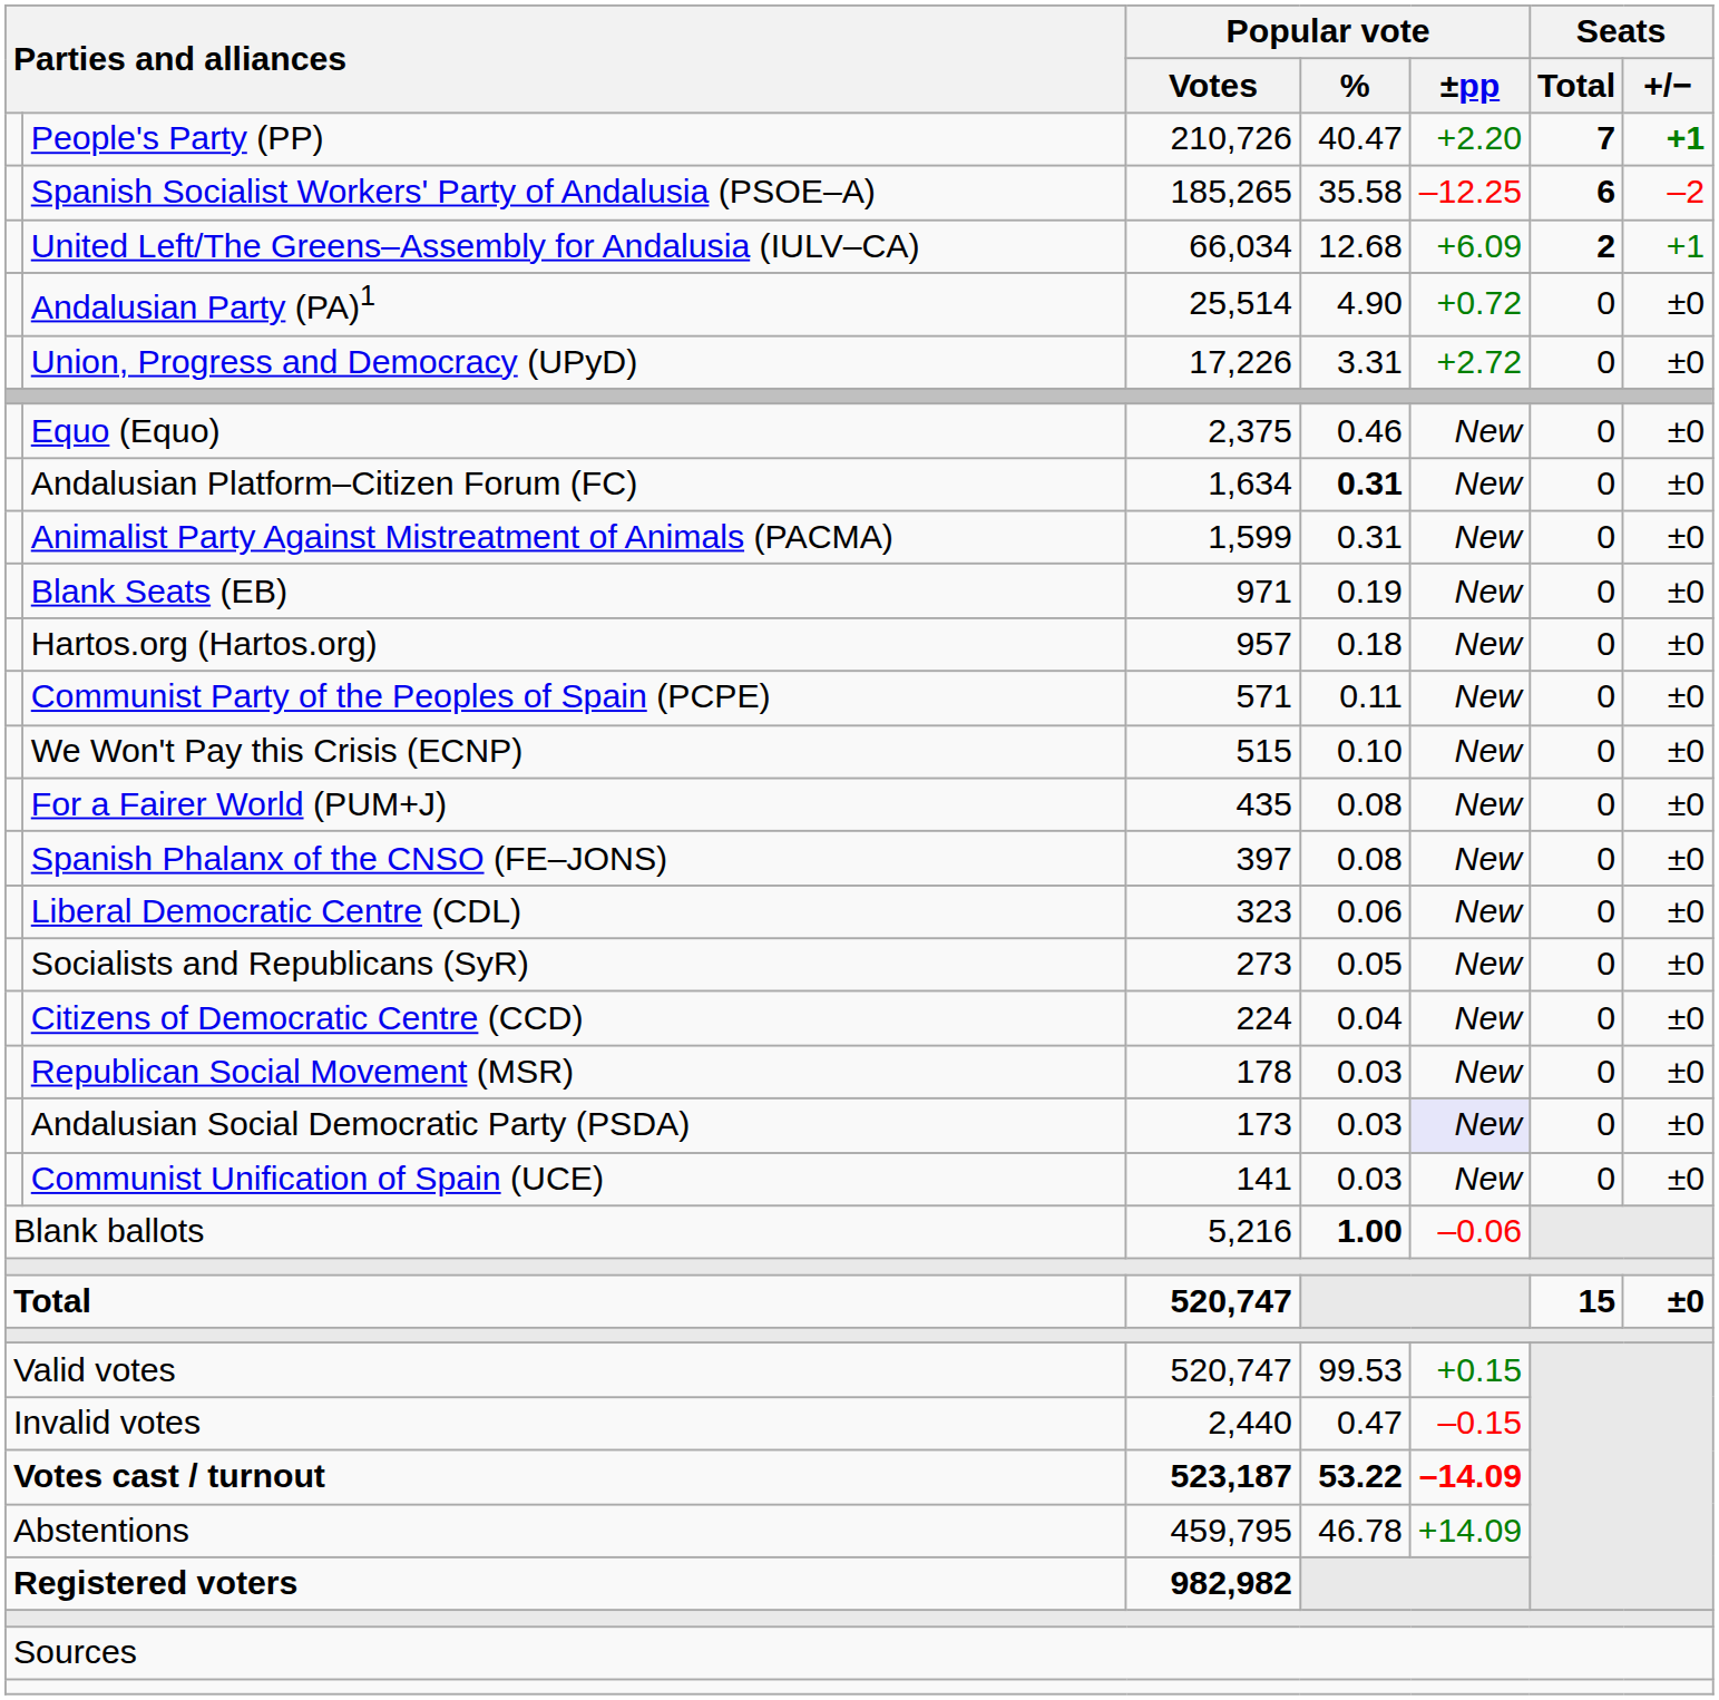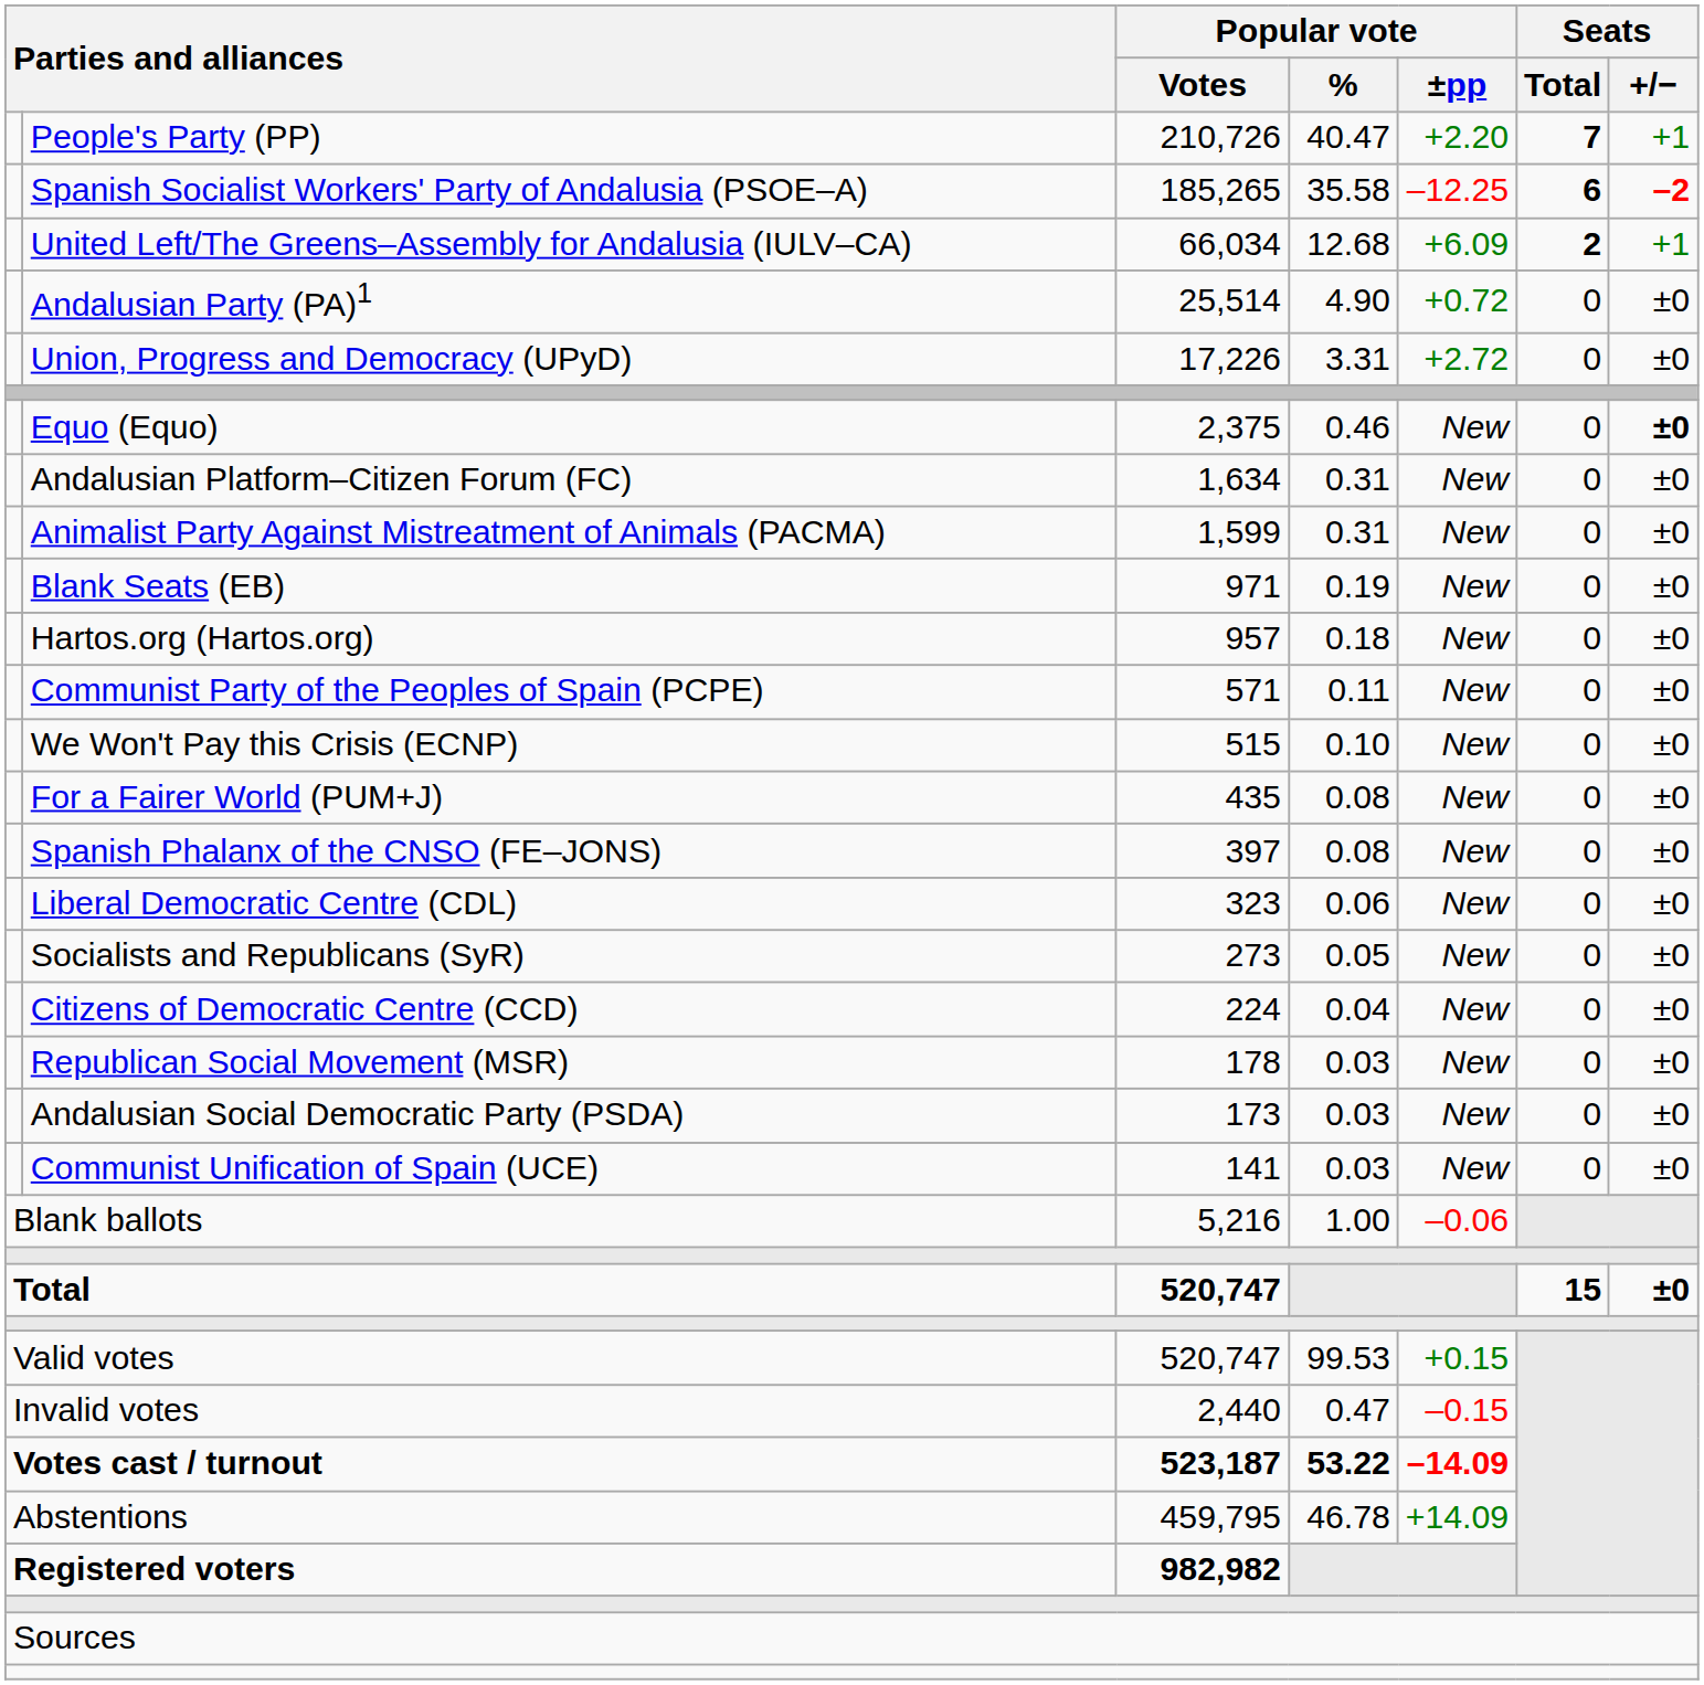 <table class="wikitable" style="text-align:right;">
 <tr>
 <th style="text-align:left;" rowspan="2" colspan="2" width="525">Parties and alliances</th>
 <th colspan="3">Popular vote</th>
 <th colspan="2">Seats</th>
 </tr>
 <tr>
 <th width="75">Votes</th>
 <th width="45">%</th>
 <th width="45">±<a href='#'>pp</a></th>
 <th width="35">Total</th>
 <th width="35">+/−</th>
 </tr>
 <tr>
 <td width="1" style="color:inherit;background:"></td>
 <td align="left"><a href='#'>People's Party</a> (PP)</td>
 <td>210,726</td>
 <td>40.47</td>
 <td style="color:green;">+2.20</td>
 <td><strong>7</strong></td>
-<td style="color:green;"><strong>+1</strong></td>
+<td style="color:green;">+1</td>
 </tr>
 <tr>
 <td style="color:inherit;background:"></td>
 <td align="left"><a href='#'>Spanish Socialist Workers' Party of Andalusia</a> (PSOE–A)</td>
 <td>185,265</td>
 <td>35.58</td>
 <td style="color:red;">–12.25</td>
 <td><strong>6</strong></td>
-<td style="color:red;">–2</td>
+<td style="color:red;"><strong>–2</strong></td>
 </tr>
 <tr>
 <td style="color:inherit;background:"></td>
 <td align="left"><a href='#'>United Left/The Greens–Assembly for Andalusia</a> (IULV–CA)</td>
 <td>66,034</td>
 <td>12.68</td>
 <td style="color:green;">+6.09</td>
 <td><strong>2</strong></td>
 <td style="color:green;">+1</td>
 </tr>
 <tr>
 <td style="color:inherit;background:"></td>
 <td align="left"><a href='#'>Andalusian Party</a> (PA)<sup>1</sup></td>
 <td>25,514</td>
 <td>4.90</td>
 <td style="color:green;">+0.72</td>
 <td>0</td>
 <td>±0</td>
 </tr>
 <tr>
 <td style="color:inherit;background:"></td>
 <td align="left"><a href='#'>Union, Progress and Democracy</a> (UPyD)</td>
 <td>17,226</td>
 <td>3.31</td>
 <td style="color:green;">+2.72</td>
 <td>0</td>
 <td>±0</td>
 </tr>
 <tr>
 <td colspan="7" bgcolor="#C0C0C0"></td>
 </tr>
 <tr>
 <td style="color:inherit;background:"></td>
 <td align="left"><a href='#'>Equo</a> (Equo)</td>
 <td>2,375</td>
 <td>0.46</td>
 <td><em>New</em></td>
 <td>0</td>
-<td>±0</td>
+<td><strong>±0</strong></td>
 </tr>
 <tr>
 <td style="color:inherit;background:"></td>
 <td align="left">Andalusian Platform–Citizen Forum (FC)</td>
 <td>1,634</td>
-<td><strong>0.31</strong></td>
+<td>0.31</td>
 <td><em>New</em></td>
 <td>0</td>
 <td>±0</td>
 </tr>
 <tr>
 <td style="color:inherit;background:"></td>
 <td align="left"><a href='#'>Animalist Party Against Mistreatment of Animals</a> (PACMA)</td>
 <td>1,599</td>
 <td>0.31</td>
 <td><em>New</em></td>
 <td>0</td>
 <td>±0</td>
 </tr>
 <tr>
 <td style="color:inherit;background:"></td>
 <td align="left"><a href='#'>Blank Seats</a> (EB)</td>
 <td>971</td>
 <td>0.19</td>
 <td><em>New</em></td>
 <td>0</td>
 <td>±0</td>
 </tr>
 <tr>
 <td style="color:inherit;background:"></td>
 <td align="left">Hartos.org (Hartos.org)</td>
 <td>957</td>
 <td>0.18</td>
 <td><em>New</em></td>
 <td>0</td>
 <td>±0</td>
 </tr>
 <tr>
 <td style="color:inherit;background:"></td>
 <td align="left"><a href='#'>Communist Party of the Peoples of Spain</a> (PCPE)</td>
 <td>571</td>
 <td>0.11</td>
 <td><em>New</em></td>
 <td>0</td>
 <td>±0</td>
 </tr>
 <tr>
 <td style="color:inherit;background:"></td>
 <td align="left">We Won't Pay this Crisis (ECNP)</td>
 <td>515</td>
 <td>0.10</td>
 <td><em>New</em></td>
 <td>0</td>
 <td>±0</td>
 </tr>
 <tr>
 <td style="color:inherit;background:"></td>
 <td align="left"><a href='#'>For a Fairer World</a> (PUM+J)</td>
 <td>435</td>
 <td>0.08</td>
 <td><em>New</em></td>
 <td>0</td>
 <td>±0</td>
 </tr>
 <tr>
 <td style="color:inherit;background:"></td>
 <td align="left"><a href='#'>Spanish Phalanx of the CNSO</a> (FE–JONS)</td>
 <td>397</td>
 <td>0.08</td>
 <td><em>New</em></td>
 <td>0</td>
 <td>±0</td>
 </tr>
 <tr>
 <td style="color:inherit;background:"></td>
 <td align="left"><a href='#'>Liberal Democratic Centre</a> (CDL)</td>
 <td>323</td>
 <td>0.06</td>
 <td><em>New</em></td>
 <td>0</td>
 <td>±0</td>
 </tr>
 <tr>
 <td style="color:inherit;background:"></td>
 <td align="left">Socialists and Republicans (SyR)</td>
 <td>273</td>
 <td>0.05</td>
 <td><em>New</em></td>
 <td>0</td>
 <td>±0</td>
 </tr>
 <tr>
 <td style="color:inherit;background:"></td>
 <td align="left"><a href='#'>Citizens of Democratic Centre</a> (CCD)</td>
 <td>224</td>
 <td>0.04</td>
 <td><em>New</em></td>
 <td>0</td>
 <td>±0</td>
 </tr>
 <tr>
 <td style="color:inherit;background:"></td>
 <td align="left"><a href='#'>Republican Social Movement</a> (MSR)</td>
 <td>178</td>
 <td>0.03</td>
 <td><em>New</em></td>
 <td>0</td>
 <td>±0</td>
 </tr>
 <tr>
 <td style="color:inherit;background:"></td>
 <td align="left">Andalusian Social Democratic Party (PSDA)</td>
 <td>173</td>
 <td>0.03</td>
-<td style="background: lavender;"><em>New</em></td>
+<td><em>New</em></td>
 <td>0</td>
 <td>±0</td>
 </tr>
 <tr>
 <td style="color:inherit;background:"></td>
 <td align="left"><a href='#'>Communist Unification of Spain</a> (UCE)</td>
 <td>141</td>
 <td>0.03</td>
 <td><em>New</em></td>
 <td>0</td>
 <td>±0</td>
 </tr>
 <tr>
 <td align="left" colspan="2">Blank ballots</td>
 <td>5,216</td>
-<td><strong>1.00</strong></td>
+<td>1.00</td>
 <td style="color:red;">–0.06</td>
 <td bgcolor="#E9E9E9" colspan="2"></td>
 </tr>
 <tr>
 <td colspan="7" bgcolor="#E9E9E9"></td>
 </tr>
 <tr style="font-weight:bold;">
 <td align="left" colspan="2">Total</td>
 <td>520,747</td>
 <td bgcolor="#E9E9E9" colspan="2"></td>
 <td>15</td>
 <td>±0</td>
 </tr>
 <tr>
 <td colspan="7" bgcolor="#E9E9E9"></td>
 </tr>
 <tr>
 <td align="left" colspan="2">Valid votes</td>
 <td>520,747</td>
 <td>99.53</td>
 <td style="color:green;">+0.15</td>
 <td bgcolor="#E9E9E9" colspan="2" rowspan="5"></td>
 </tr>
 <tr>
 <td align="left" colspan="2">Invalid votes</td>
 <td>2,440</td>
 <td>0.47</td>
 <td style="color:red;">–0.15</td>
 </tr>
 <tr style="font-weight:bold;">
 <td align="left" colspan="2">Votes cast / turnout</td>
 <td>523,187</td>
 <td>53.22</td>
 <td style="color:red;">–14.09</td>
 </tr>
 <tr>
 <td align="left" colspan="2">Abstentions</td>
 <td>459,795</td>
 <td>46.78</td>
 <td style="color:green;">+14.09</td>
 </tr>
 <tr style="font-weight:bold;">
 <td align="left" colspan="2">Registered voters</td>
 <td>982,982</td>
 <td bgcolor="#E9E9E9" colspan="2"></td>
 </tr>
 <tr>
 <td colspan="7" bgcolor="#E9E9E9"></td>
 </tr>
 <tr>
 <td align="left" colspan="7">Sources</td>
 </tr>
 <tr>
 <td colspan="7" style="text-align:left; max-width:790px;"></td>
 </tr>
 </table>
